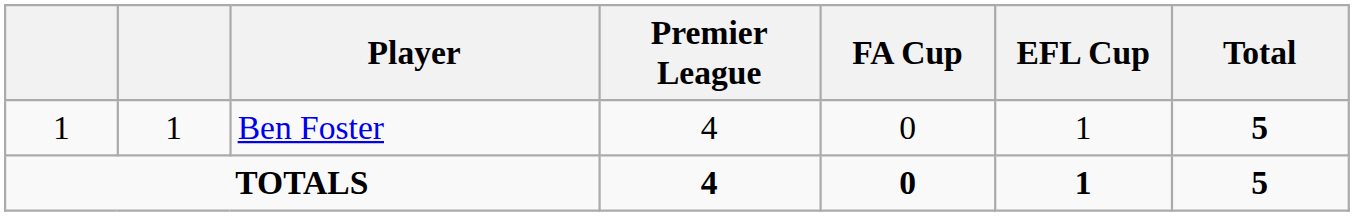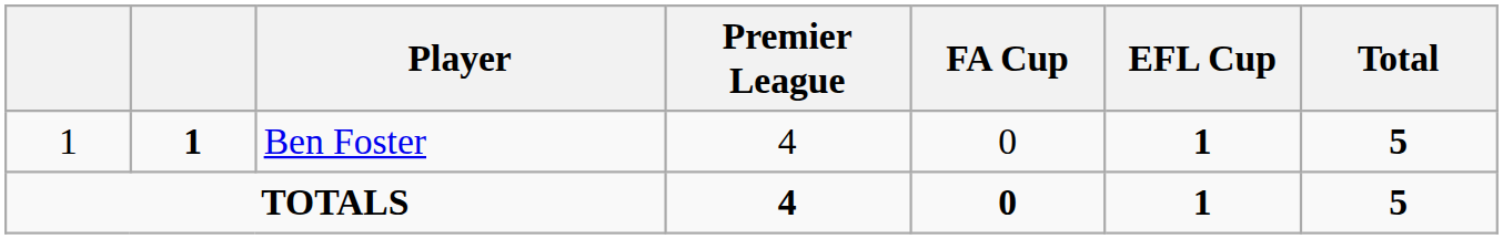 <table class="wikitable" style="font-size: 95%; text-align: center;">
 <tr>
 <th width=50></th>
 <th width=50></th>
 <th width=180>Player</th>
 <th width=100>Premier League</th>
 <th width=80>FA Cup</th>
 <th width=80>EFL Cup</th>
 <th width=80>Total</th>
 </tr>
 <tr>
 <td>1</td>
-<td>1</td>
+<td><strong>1</strong></td>
 <td align="left"> <a href='#'>Ben Foster</a></td>
 <td>4</td>
 <td>0</td>
-<td>1</td>
+<td><strong>1</strong></td>
 <td><strong>5</strong></td>
 </tr>
 <tr>
 <td colspan="3"><strong>TOTALS</strong></td>
 <td><strong>4</strong></td>
 <td><strong>0</strong></td>
 <td><strong>1</strong></td>
 <td><strong>5</strong></td>
 </tr>
 </table>
